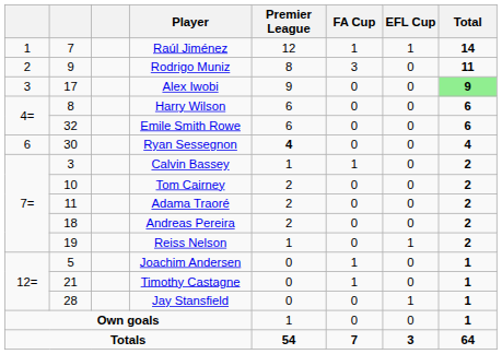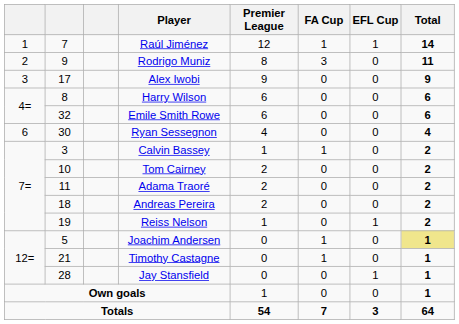 <table class="wikitable" style="font-size: 95%; text-align: center;">
 <tr>
 <th width=60></th>
 <th width=60></th>
 <th width=60></th>
 <th width=180>Player</th>
 <th width=100>Premier League</th>
 <th width=80>FA Cup</th>
 <th width=80>EFL Cup</th>
 <th width=80>Total</th>
 </tr>
 <tr>
 <td rowspan="1">1</td>
 <td>7</td>
 <td></td>
 <td><a href='#'>Raúl Jiménez</a></td>
 <td>12</td>
 <td>1</td>
 <td>1</td>
 <td><strong>14</strong></td>
 </tr>
 <tr>
 <td rowspan="1">2</td>
 <td>9</td>
 <td></td>
 <td><a href='#'>Rodrigo Muniz</a></td>
 <td>8</td>
 <td>3</td>
 <td>0</td>
 <td><strong>11</strong></td>
 </tr>
 <tr>
 <td rowspan="1">3</td>
 <td>17</td>
 <td></td>
 <td><a href='#'>Alex Iwobi</a></td>
 <td>9</td>
 <td>0</td>
 <td>0</td>
-<td style="background: lightgreen;"><strong>9</strong></td>
+<td><strong>9</strong></td>
 </tr>
 <tr>
 <td rowspan="2">4=</td>
 <td>8</td>
 <td></td>
 <td><a href='#'>Harry Wilson</a></td>
 <td>6</td>
 <td>0</td>
 <td>0</td>
 <td><strong>6</strong></td>
 </tr>
 <tr>
 <td>32</td>
 <td></td>
 <td><a href='#'>Emile Smith Rowe</a></td>
 <td>6</td>
 <td>0</td>
 <td>0</td>
 <td><strong>6</strong></td>
 </tr>
 <tr>
 <td rowspan="1">6</td>
 <td>30</td>
 <td></td>
 <td><a href='#'>Ryan Sessegnon</a></td>
-<td><strong>4</strong></td>
+<td>4</td>
 <td>0</td>
 <td>0</td>
 <td><strong>4</strong></td>
 </tr>
 <tr>
 <td rowspan="5">7=</td>
 <td>3</td>
 <td></td>
 <td><a href='#'>Calvin Bassey</a></td>
 <td>1</td>
 <td>1</td>
 <td>0</td>
 <td><strong>2</strong></td>
 </tr>
 <tr>
 <td>10</td>
 <td></td>
 <td><a href='#'>Tom Cairney</a></td>
 <td>2</td>
 <td>0</td>
 <td>0</td>
 <td><strong>2</strong></td>
 </tr>
 <tr>
 <td>11</td>
 <td></td>
 <td><a href='#'>Adama Traoré</a></td>
 <td>2</td>
 <td>0</td>
 <td>0</td>
 <td><strong>2</strong></td>
 </tr>
 <tr>
 <td>18</td>
 <td></td>
 <td><a href='#'>Andreas Pereira</a></td>
 <td>2</td>
 <td>0</td>
 <td>0</td>
 <td><strong>2</strong></td>
 </tr>
 <tr>
 <td>19</td>
 <td></td>
 <td><a href='#'>Reiss Nelson</a></td>
 <td>1</td>
 <td>0</td>
 <td>1</td>
 <td><strong>2</strong></td>
 </tr>
 <tr>
 <td rowspan="3">12=</td>
 <td>5</td>
 <td></td>
 <td><a href='#'>Joachim Andersen</a></td>
 <td>0</td>
 <td>1</td>
 <td>0</td>
-<td><strong>1</strong></td>
+<td style="background: khaki;"><strong>1</strong></td>
 </tr>
 <tr>
 <td>21</td>
 <td></td>
 <td><a href='#'>Timothy Castagne</a></td>
 <td>0</td>
 <td>1</td>
 <td>0</td>
 <td><strong>1</strong></td>
 </tr>
 <tr>
 <td>28</td>
 <td></td>
 <td><a href='#'>Jay Stansfield</a></td>
 <td>0</td>
 <td>0</td>
 <td>1</td>
 <td><strong>1</strong></td>
 </tr>
 <tr>
 <td colspan=4><strong>Own goals</strong></td>
 <td>1</td>
 <td>0</td>
 <td>0</td>
 <td><strong>1</strong></td>
 </tr>
 <tr>
 <td colspan=4><strong>Totals</strong></td>
 <td><strong>54</strong></td>
 <td><strong>7</strong></td>
 <td><strong>3</strong></td>
 <td><strong>64</strong></td>
 </tr>
 </table>
